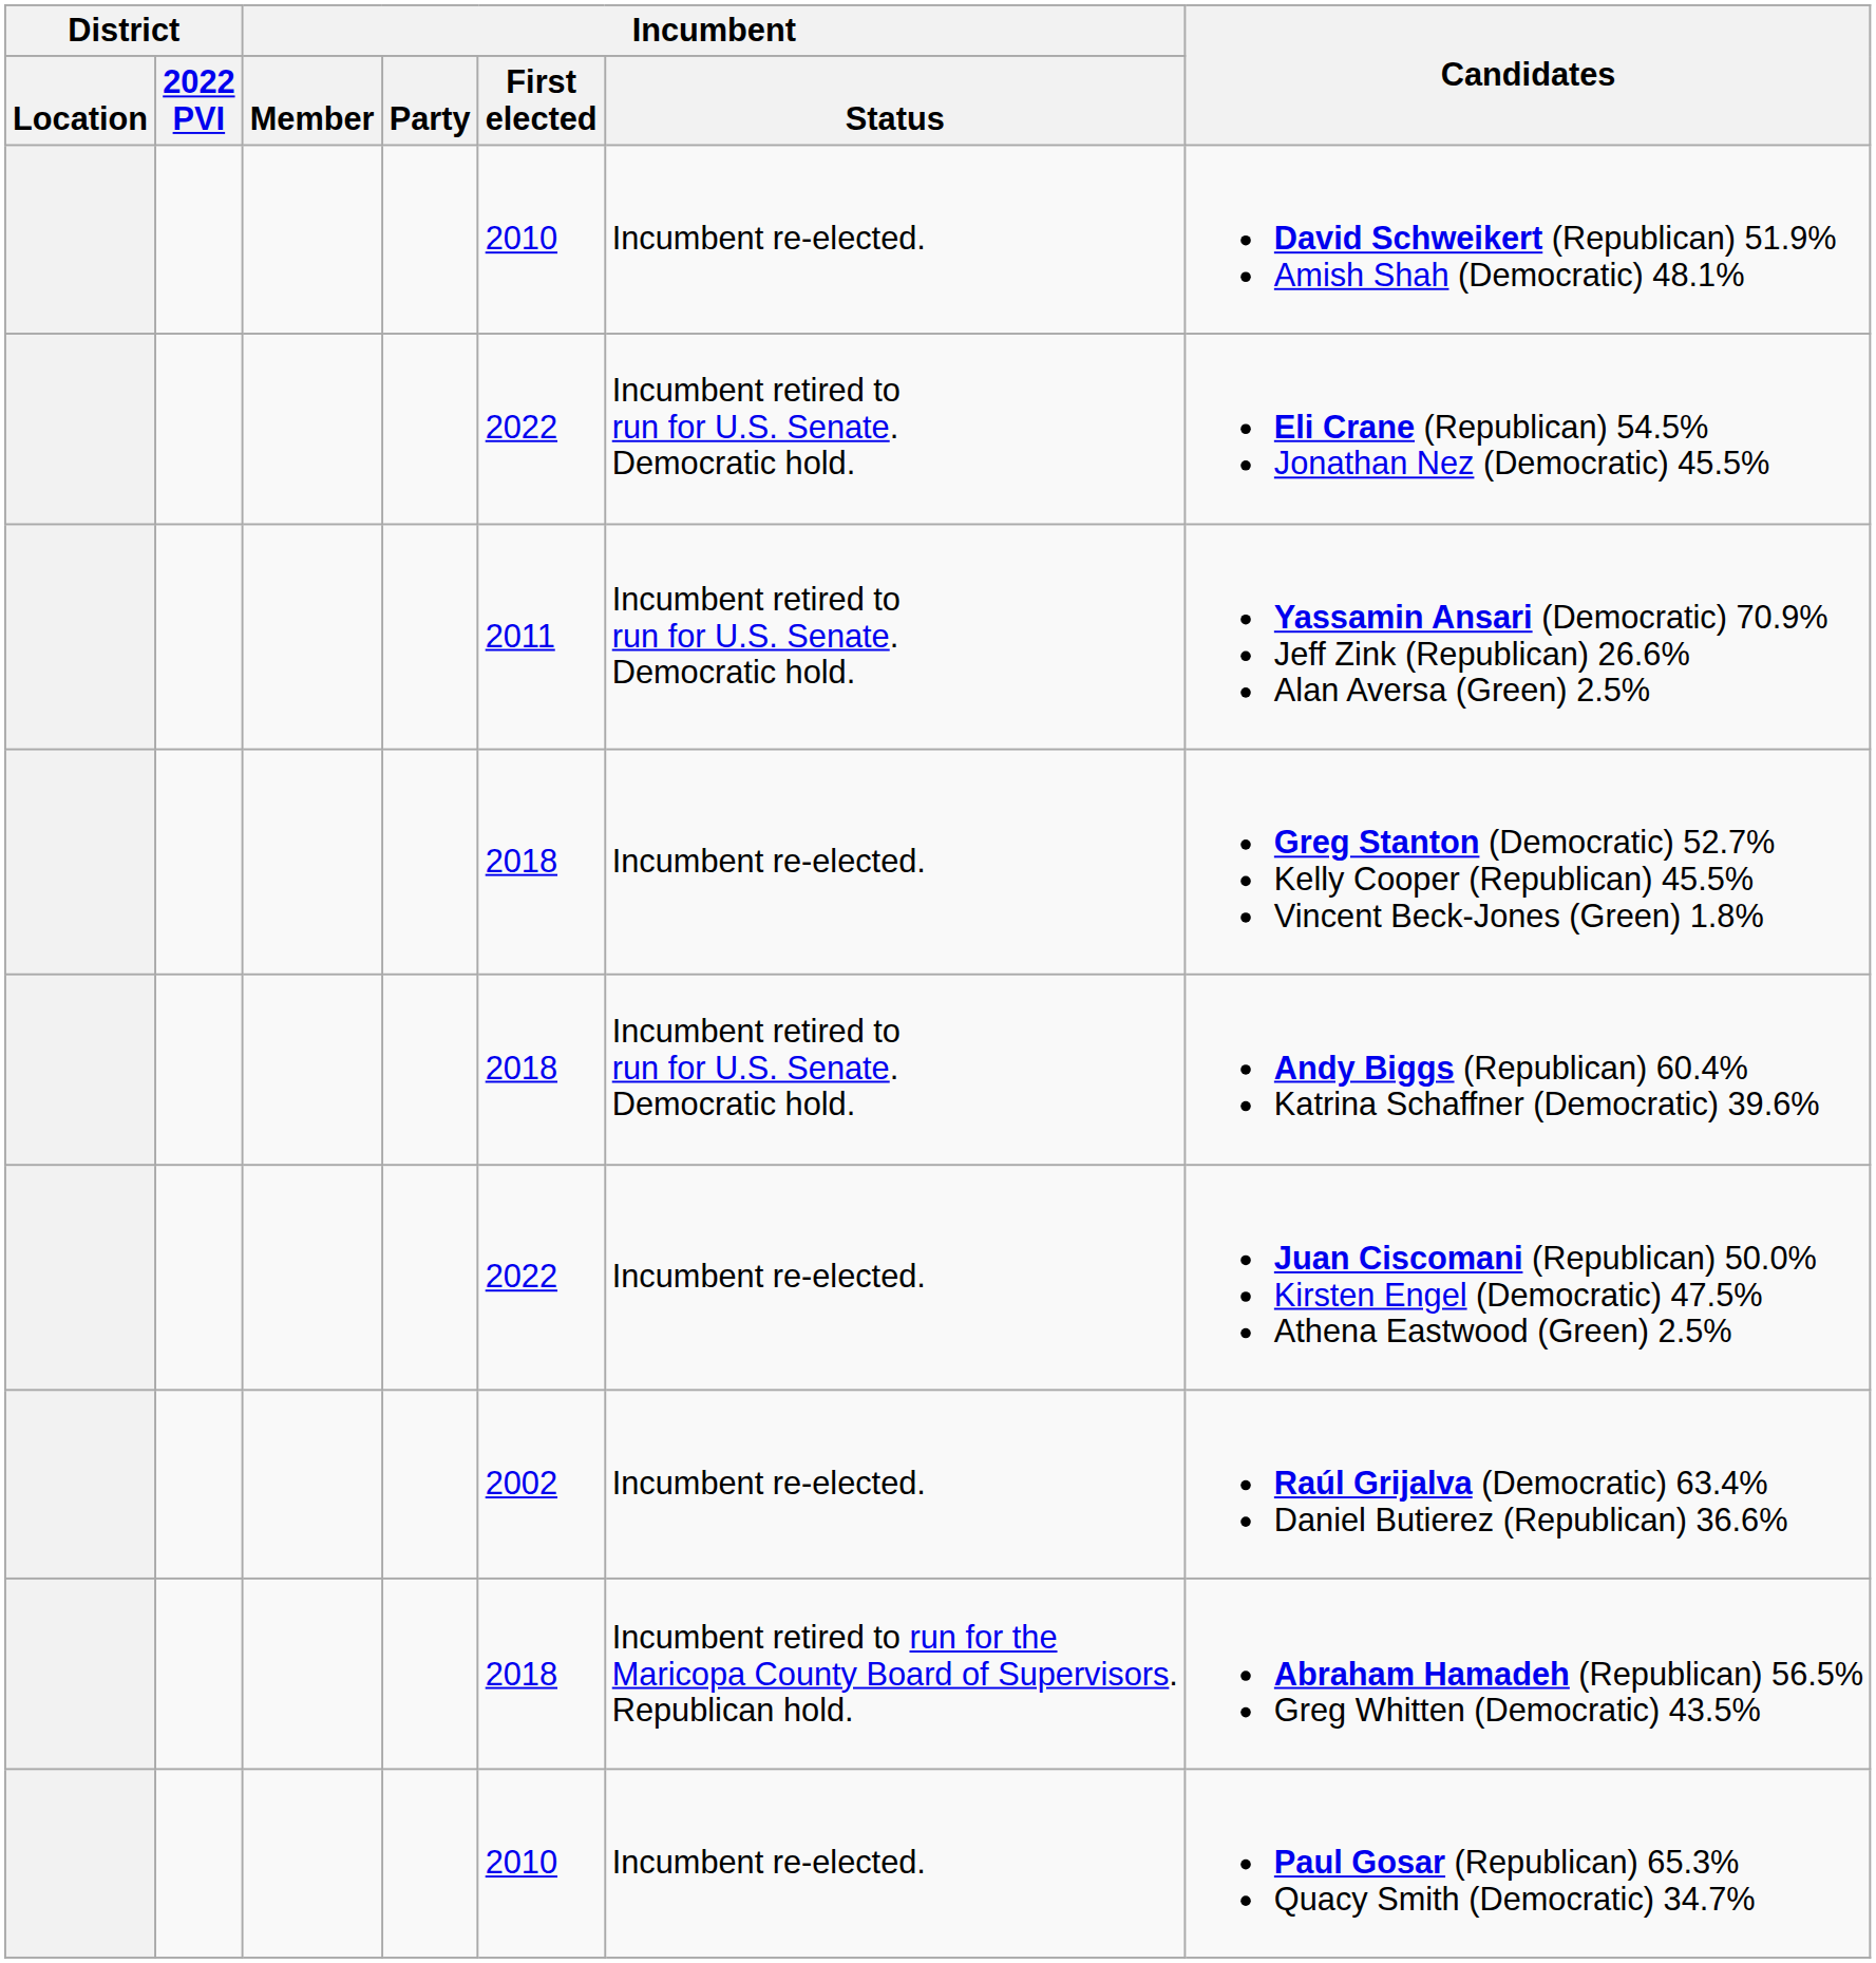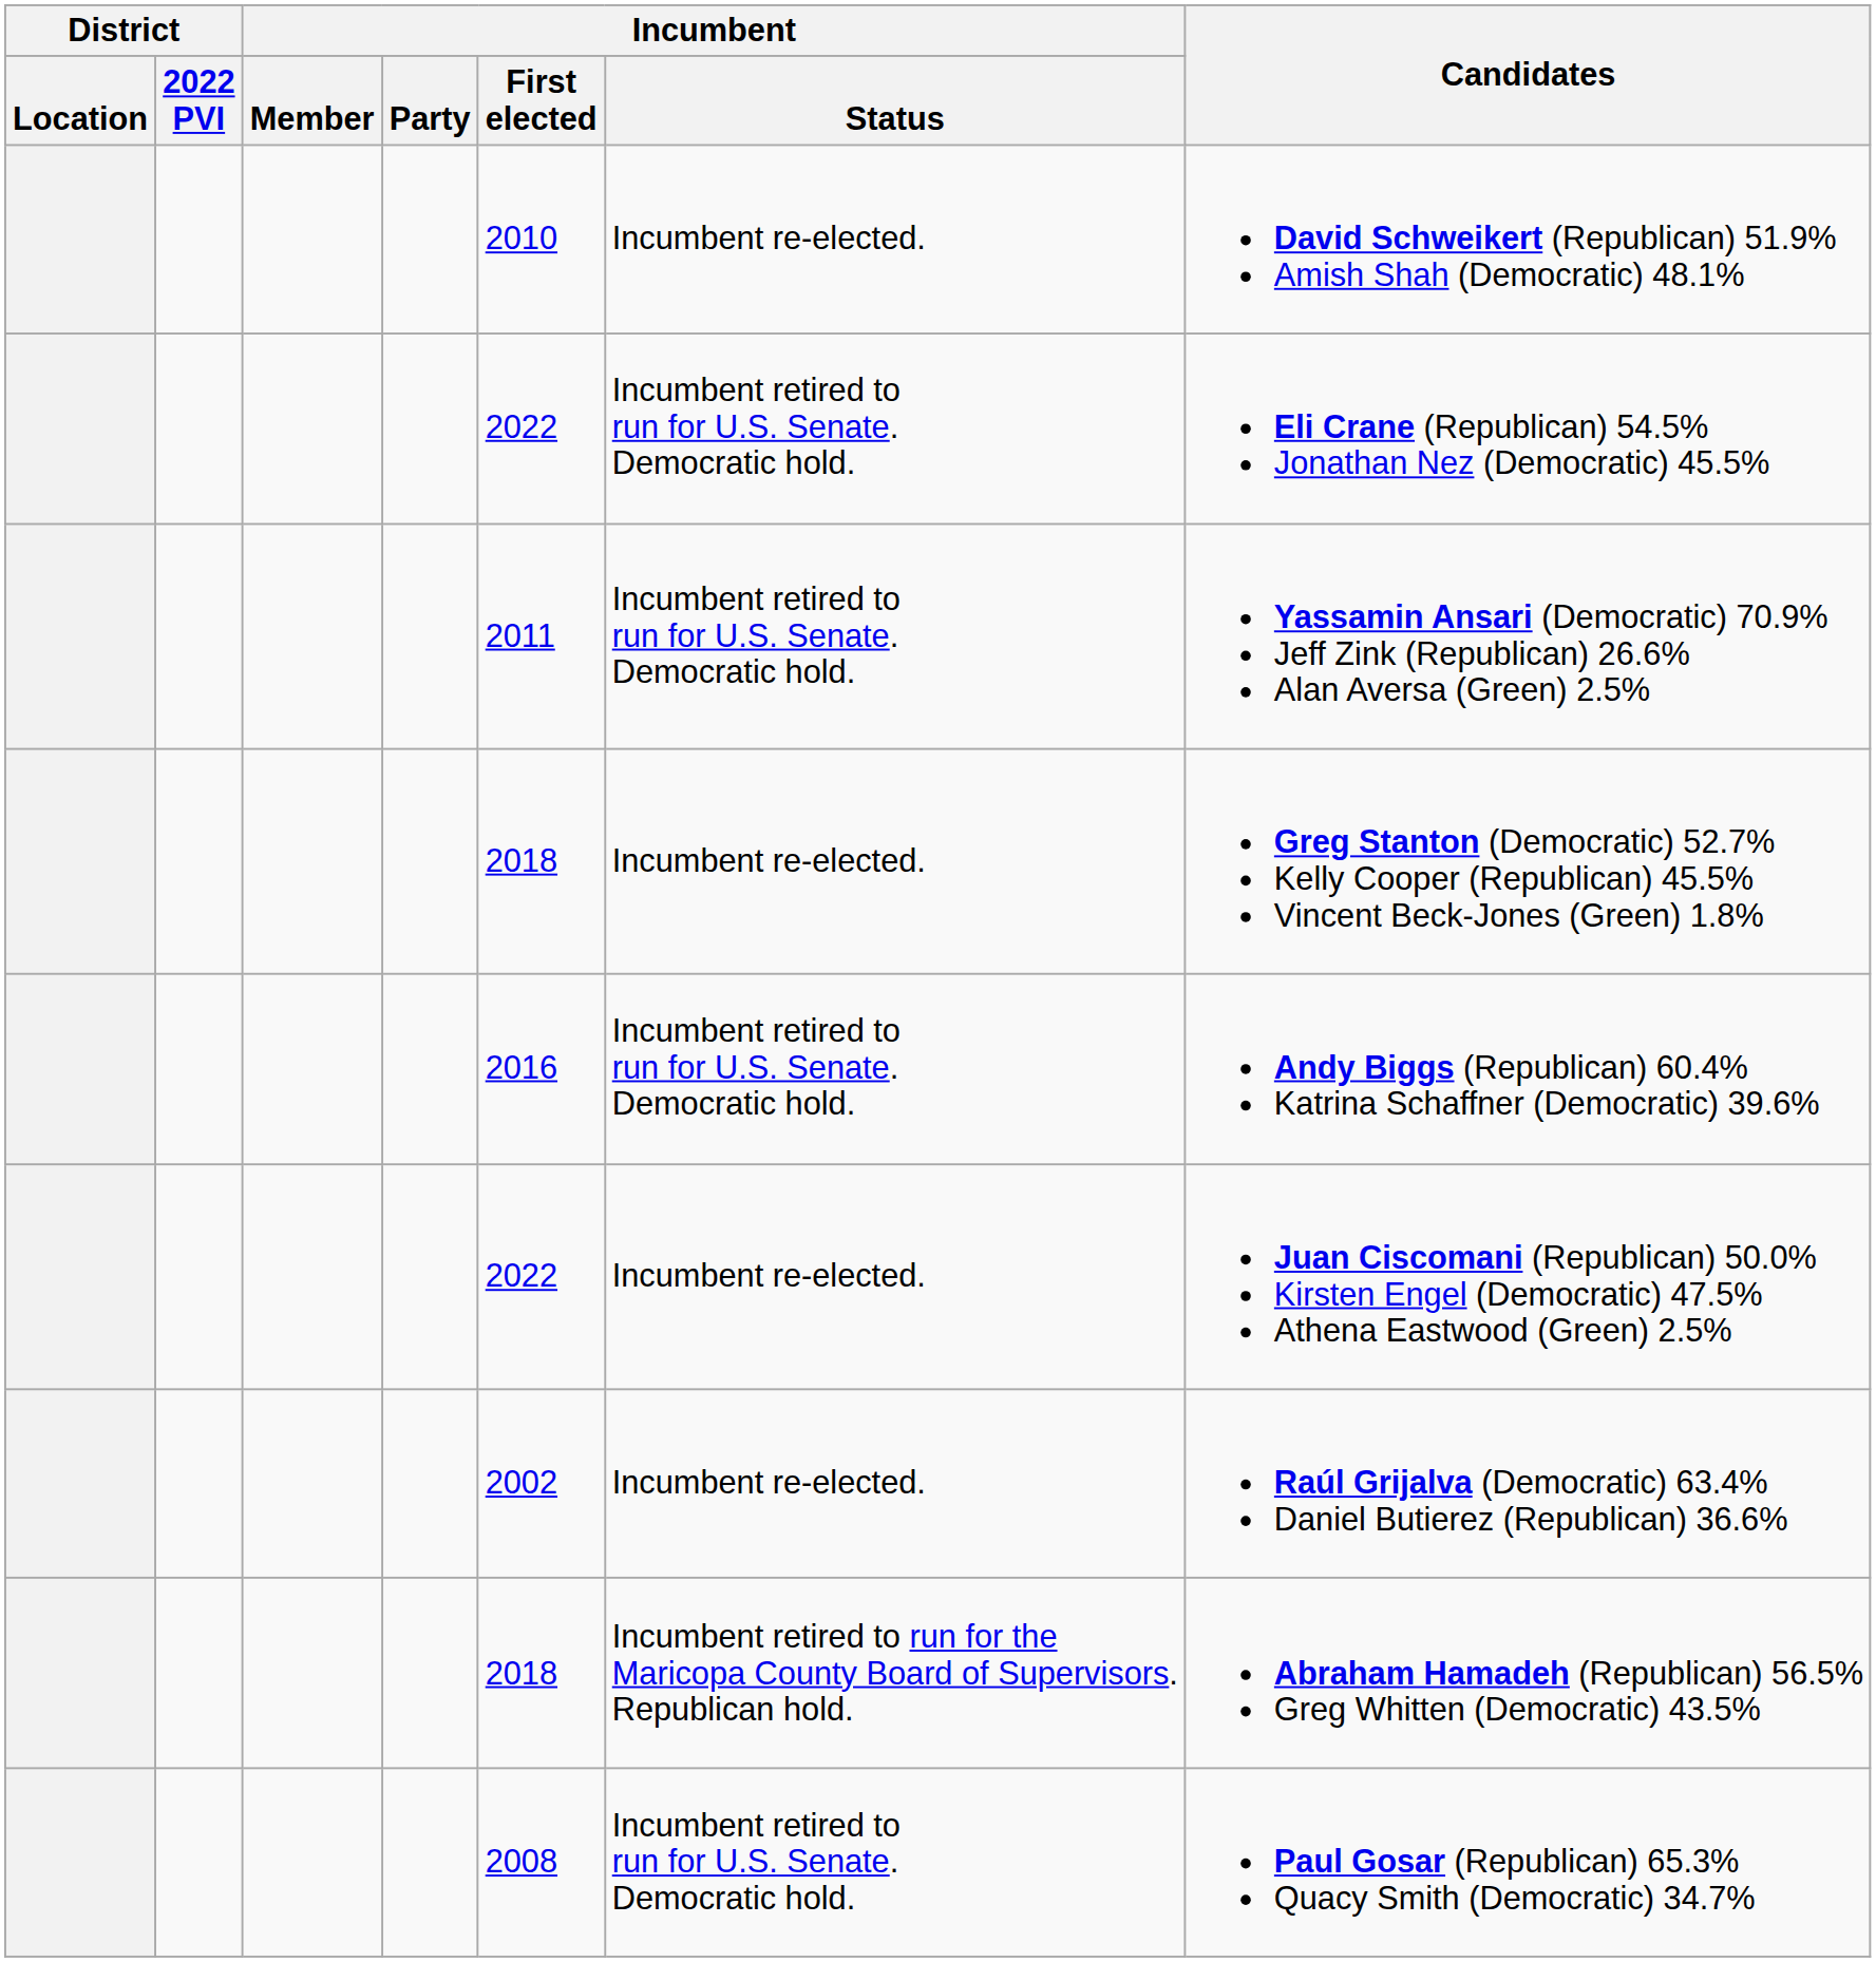 <table class="wikitable sortable">
 <tr>
 <th colspan=2>District</th>
 <th colspan=4>Incumbent</th>
 <th rowspan=2 class="unsortable">Candidates</th>
 </tr>
 <tr valign=bottom>
 <th>Location</th>
 <th><a href='#'>2022<br>PVI</a></th>
 <th>Member</th>
 <th>Party</th>
 <th>First<br>elected</th>
 <th>Status</th>
 </tr>
 <tr>
 <th></th>
 <td></td>
 <td></td>
 <td></td>
 <td><a href='#'>2010</a></td>
 <td>Incumbent re-elected.</td>
 <td nowrap><br><ul><li> <strong><a href='#'>David Schweikert</a></strong> (Republican) 51.9%</li><li><a href='#'>Amish Shah</a> (Democratic) 48.1%</li></ul></td>
 </tr>
 <tr>
 <th></th>
 <td></td>
 <td></td>
 <td></td>
 <td><a href='#'>2022</a></td>
 <td>Incumbent retired to<br><a href='#'>run for U.S. Senate</a>.<br>Democratic hold.</td>
 <td nowrap><br><ul><li> <strong><a href='#'>Eli Crane</a></strong> (Republican) 54.5%</li><li><a href='#'>Jonathan Nez</a> (Democratic) 45.5%</li></ul></td>
 </tr>
 <tr>
 <th></th>
 <td></td>
 <td></td>
 <td></td>
 <td><a href='#'>2011</a></td>
 <td>Incumbent retired to<br><a href='#'>run for U.S. Senate</a>.<br>Democratic hold.</td>
 <td nowrap><br><ul><li> <strong><a href='#'>Yassamin Ansari</a></strong> (Democratic) 70.9%</li><li>Jeff Zink (Republican) 26.6%</li><li>Alan Aversa (Green) 2.5%</li></ul></td>
 </tr>
 <tr>
 <th></th>
 <td></td>
 <td></td>
 <td></td>
 <td><a href='#'>2018</a></td>
 <td>Incumbent re-elected.</td>
 <td nowrap><br><ul><li> <strong><a href='#'>Greg Stanton</a></strong> (Democratic) 52.7%</li><li>Kelly Cooper (Republican) 45.5%</li><li>Vincent Beck-Jones (Green) 1.8%</li></ul></td>
 </tr>
 <tr>
 <th></th>
 <td></td>
 <td></td>
 <td></td>
-<td><a href='#'>2018</a></td>
+<td><a href='#'>2016</a></td>
 <td>Incumbent retired to<br><a href='#'>run for U.S. Senate</a>.<br>Democratic hold.</td>
 <td nowrap><br><ul><li> <strong><a href='#'>Andy Biggs</a></strong> (Republican) 60.4%</li><li>Katrina Schaffner (Democratic) 39.6%</li></ul></td>
 </tr>
 <tr>
 <th></th>
 <td></td>
 <td></td>
 <td></td>
 <td><a href='#'>2022</a></td>
 <td>Incumbent re-elected.</td>
 <td nowrap><br><ul><li> <strong><a href='#'>Juan Ciscomani</a></strong> (Republican) 50.0%</li><li><a href='#'>Kirsten Engel</a> (Democratic) 47.5%</li><li>Athena Eastwood (Green) 2.5%</li></ul></td>
 </tr>
 <tr>
 <th></th>
 <td></td>
 <td></td>
 <td></td>
 <td><a href='#'>2002</a></td>
 <td>Incumbent re-elected.</td>
 <td nowrap><br><ul><li> <strong><a href='#'>Raúl Grijalva</a></strong> (Democratic) 63.4%</li><li>Daniel Butierez (Republican) 36.6%</li></ul></td>
 </tr>
 <tr>
 <th></th>
 <td></td>
 <td></td>
 <td></td>
 <td><a href='#'>2018 </a></td>
 <td>Incumbent retired to <a href='#'>run for the<br>Maricopa County Board of Supervisors</a>.<br>Republican hold.</td>
 <td nowrap><br><ul><li> <strong><a href='#'>Abraham Hamadeh</a></strong> (Republican) 56.5%</li><li>Greg Whitten (Democratic) 43.5%</li></ul></td>
 </tr>
 <tr>
 <th></th>
 <td></td>
 <td></td>
 <td></td>
-<td><a href='#'>2010</a></td>
-<td>Incumbent re-elected.</td>
+<td><a href='#'>2008</a></td>
+<td>Incumbent retired to<br><a href='#'>run for U.S. Senate</a>.<br>Democratic hold.</td>
 <td nowrap><br><ul><li> <strong><a href='#'>Paul Gosar</a></strong> (Republican) 65.3%</li><li>Quacy Smith (Democratic) 34.7%</li></ul></td>
 </tr>
 </table>
